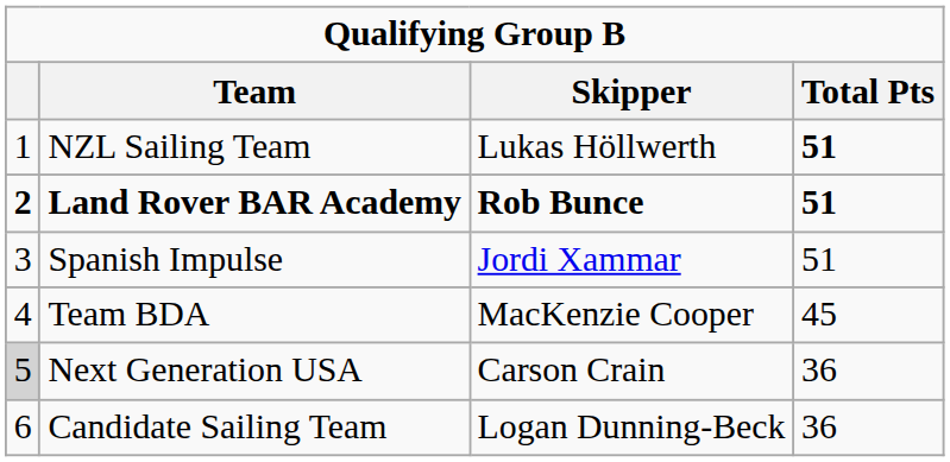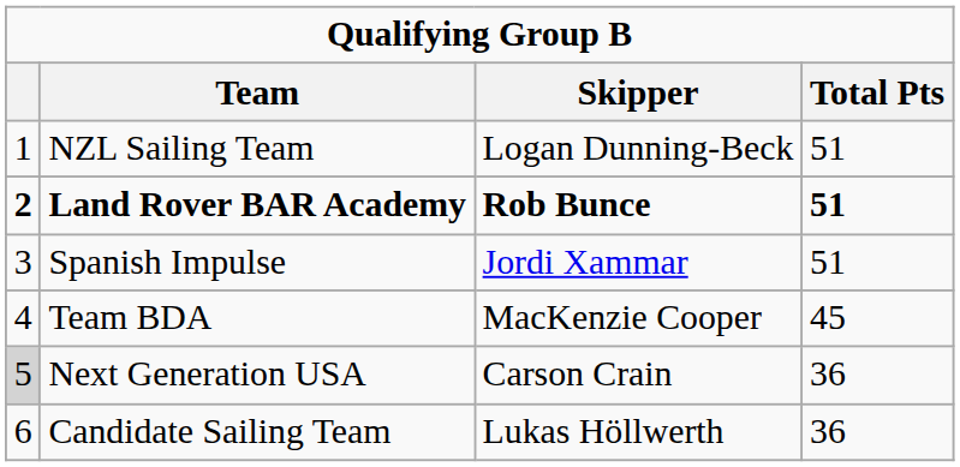 <table class="wikitable" style="display: inline-table;">
 <tr>
 <td colspan="6" style="text-align:center;"><strong>Qualifying Group B</strong></td>
 </tr>
 <tr>
 <th></th>
 <th>Team</th>
 <th>Skipper</th>
 <th>Total Pts</th>
 </tr>
 <tr>
 <td>1</td>
 <td> NZL Sailing Team</td>
-<td>Lukas Höllwerth</td>
-<td><strong>51</strong></td>
+<td>Logan Dunning-Beck</td>
+<td>51</td>
 </tr>
 <tr>
 <td><strong>2</strong></td>
 <td> <strong>Land Rover BAR Academy</strong></td>
 <td><strong>Rob Bunce</strong></td>
 <td><strong>51</strong></td>
 </tr>
 <tr>
 <td>3</td>
 <td> Spanish Impulse</td>
 <td><a href='#'>Jordi Xammar</a></td>
 <td>51</td>
 </tr>
 <tr>
 <td>4</td>
 <td> Team BDA</td>
 <td>MacKenzie Cooper</td>
 <td>45</td>
 </tr>
 <tr>
 <td style="background: lightgrey;">5</td>
 <td> Next Generation USA</td>
 <td>Carson Crain</td>
 <td>36</td>
 </tr>
 <tr>
 <td>6</td>
 <td> Candidate Sailing Team</td>
-<td>Logan Dunning-Beck</td>
+<td>Lukas Höllwerth</td>
 <td>36</td>
 </tr>
 </table>
